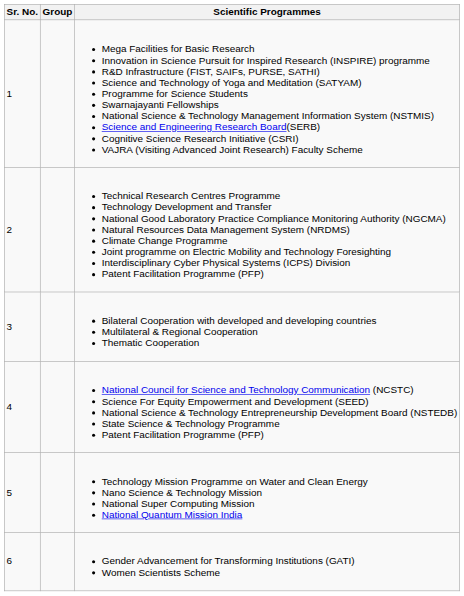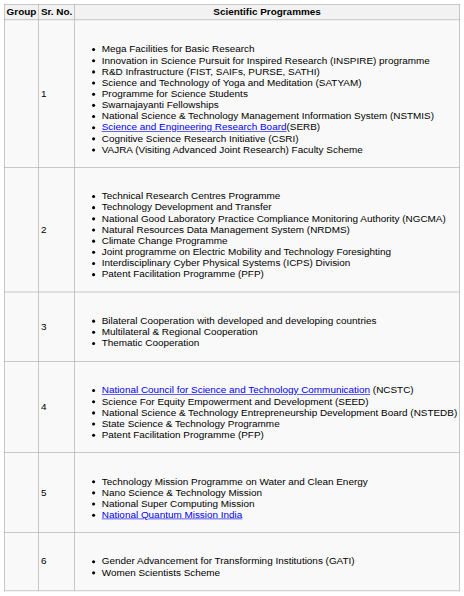 <table class="wikitable">
 <tr>
+<th>Group</th>
 <th>Sr. No.</th>
-<th>Group</th>
 <th>Scientific Programmes</th>
 </tr>
 <tr>
+<td></td>
 <td>1</td>
-<td></td>
 <td><br><ul><li>Mega Facilities for Basic Research</li><li>Innovation in Science Pursuit for Inspired Research (INSPIRE) programme</li><li>R&D Infrastructure (FIST, SAIFs, PURSE, SATHI)</li><li>Science and Technology of Yoga and Meditation (SATYAM)</li><li>Programme for Science Students</li><li>Swarnajayanti Fellowships</li><li>National Science & Technology Management Information System (NSTMIS)</li><li><a href='#'>Science and Engineering Research Board</a>(SERB) </li><li>Cognitive Science Research Initiative (CSRI)</li><li>VAJRA (Visiting Advanced Joint Research) Faculty Scheme</li></ul></td>
 </tr>
 <tr>
+<td></td>
 <td>2</td>
-<td></td>
 <td><br><ul><li>Technical Research Centres Programme</li><li>Technology Development and Transfer</li><li>National Good Laboratory Practice Compliance Monitoring Authority (NGCMA)</li><li>Natural Resources Data Management System (NRDMS)</li><li>Climate Change Programme</li><li>Joint programme on Electric Mobility and Technology Foresighting</li><li>Interdisciplinary Cyber Physical Systems (ICPS) Division</li><li>Patent Facilitation Programme (PFP)</li></ul></td>
 </tr>
 <tr>
+<td></td>
 <td>3</td>
-<td></td>
 <td><br><ul><li>Bilateral Cooperation with developed and developing countries</li><li>Multilateral & Regional Cooperation</li><li>Thematic Cooperation</li></ul></td>
 </tr>
 <tr>
+<td></td>
 <td>4</td>
-<td></td>
 <td><br><ul><li><a href='#'>National Council for Science and Technology Communication</a> (NCSTC)</li><li>Science For Equity Empowerment and Development (SEED)</li><li>National Science & Technology Entrepreneurship Development Board (NSTEDB)</li><li>State Science & Technology Programme</li><li>Patent Facilitation Programme (PFP)</li></ul></td>
 </tr>
 <tr>
+<td></td>
 <td>5</td>
-<td></td>
 <td><br><ul><li>Technology Mission Programme on Water and Clean Energy</li><li>Nano Science & Technology Mission </li><li>National Super Computing Mission</li><li><a href='#'>National Quantum Mission India</a></li></ul></td>
 </tr>
 <tr>
+<td></td>
 <td>6</td>
-<td></td>
 <td><br><ul><li>Gender Advancement for Transforming Institutions (GATI)</li><li>Women Scientists Scheme</li></ul></td>
 </tr>
 </table>
